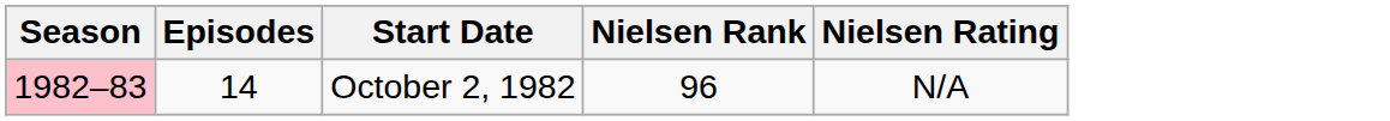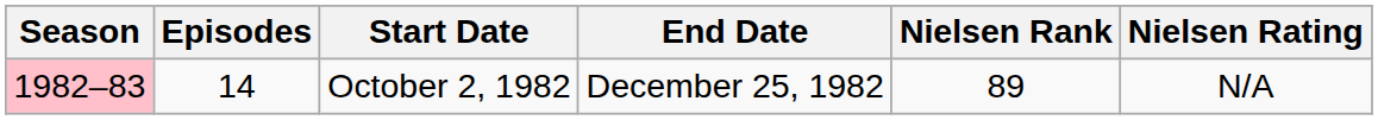 <table class="wikitable" style="text-align: center">
 <tr>
 <th>Season</th>
 <th>Episodes</th>
 <th>Start Date</th>
+<th>End Date</th>
 <th>Nielsen Rank</th>
 <th>Nielsen Rating</th>
 </tr>
 <tr>
 <td style="background: pink; text-align:center">1982–83</td>
 <td style="text-align:center">14</td>
 <td style="text-align:center">October 2, 1982</td>
-<td style="text-align:center:">96</td>
+<td style="text-align:center">December 25, 1982</td>
+<td style="text-align:center:">89</td>
 <td style="text-align:center">N/A</td>
 </tr>
 </table>
